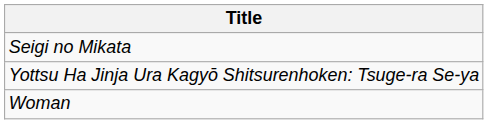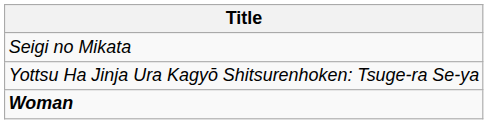 <table class="wikitable">
 <tr>
 <th>Title</th>
 </tr>
 <tr>
 <td><em>Seigi no Mikata</em></td>
 </tr>
 <tr>
 <td><em>Yottsu Ha Jinja Ura Kagyō Shitsurenhoken: Tsuge-ra Se-ya</em></td>
 </tr>
 <tr>
-<td><em>Woman</em></td>
+<td><strong><em>Woman</em></strong></td>
 </tr>
 </table>
